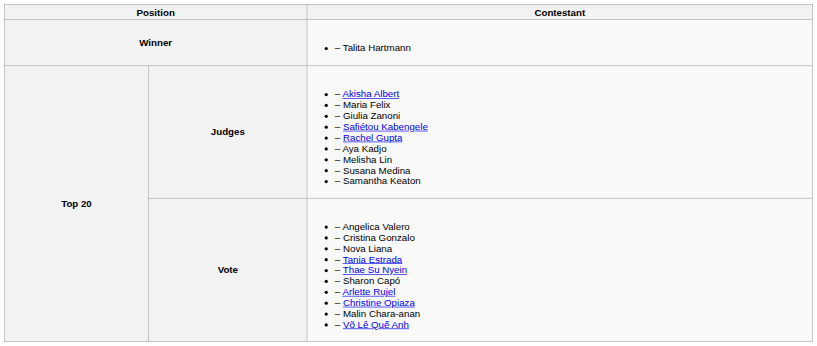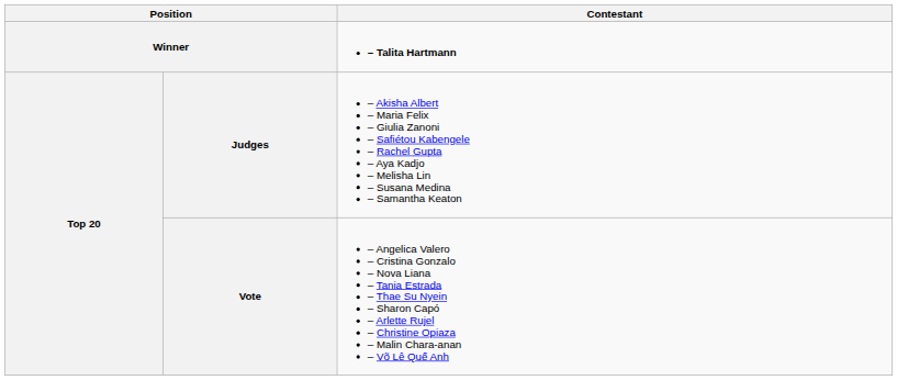 <table class="wikitable" style="font-size: 95%; width:100%;">
 <tr>
 <th colspan=2>Position</th>
 <th>Contestant</th>
 </tr>
 <tr>
 <th colspan=2>Winner</th>
-<td><br><ul><li> – Talita Hartmann</li></ul></td>
+<td><strong><br><ul><li> – Talita Hartmann</li></ul></strong></td>
 </tr>
 <tr>
 <th rowspan=2>Top 20</th>
 <th>Judges</th>
 <td><br><ul><li> – <a href='#'>Akisha Albert</a></li><li> – Maria Felix</li><li> – Giulia Zanoni</li><li> – <a href='#'>Safiétou Kabengele</a></li><li> – <a href='#'>Rachel Gupta</a></li><li> – Aya Kadjo</li><li> – Melisha Lin</li><li> – Susana Medina</li><li> – Samantha Keaton</li></ul></td>
 </tr>
 <tr>
 <th>Vote</th>
 <td><br><ul><li> – Angelica Valero</li><li> – Cristina Gonzalo</li><li> – Nova Liana</li><li> – <a href='#'>Tania Estrada</a></li><li> – <a href='#'>Thae Su Nyein</a></li><li> – Sharon Capó</li><li> – <a href='#'>Arlette Rujel</a></li><li> – <a href='#'>Christine Opiaza</a></li><li> – Malin Chara-anan</li><li> – <a href='#'>Võ Lê Quế Anh</a></li></ul></td>
 </tr>
 </table>
